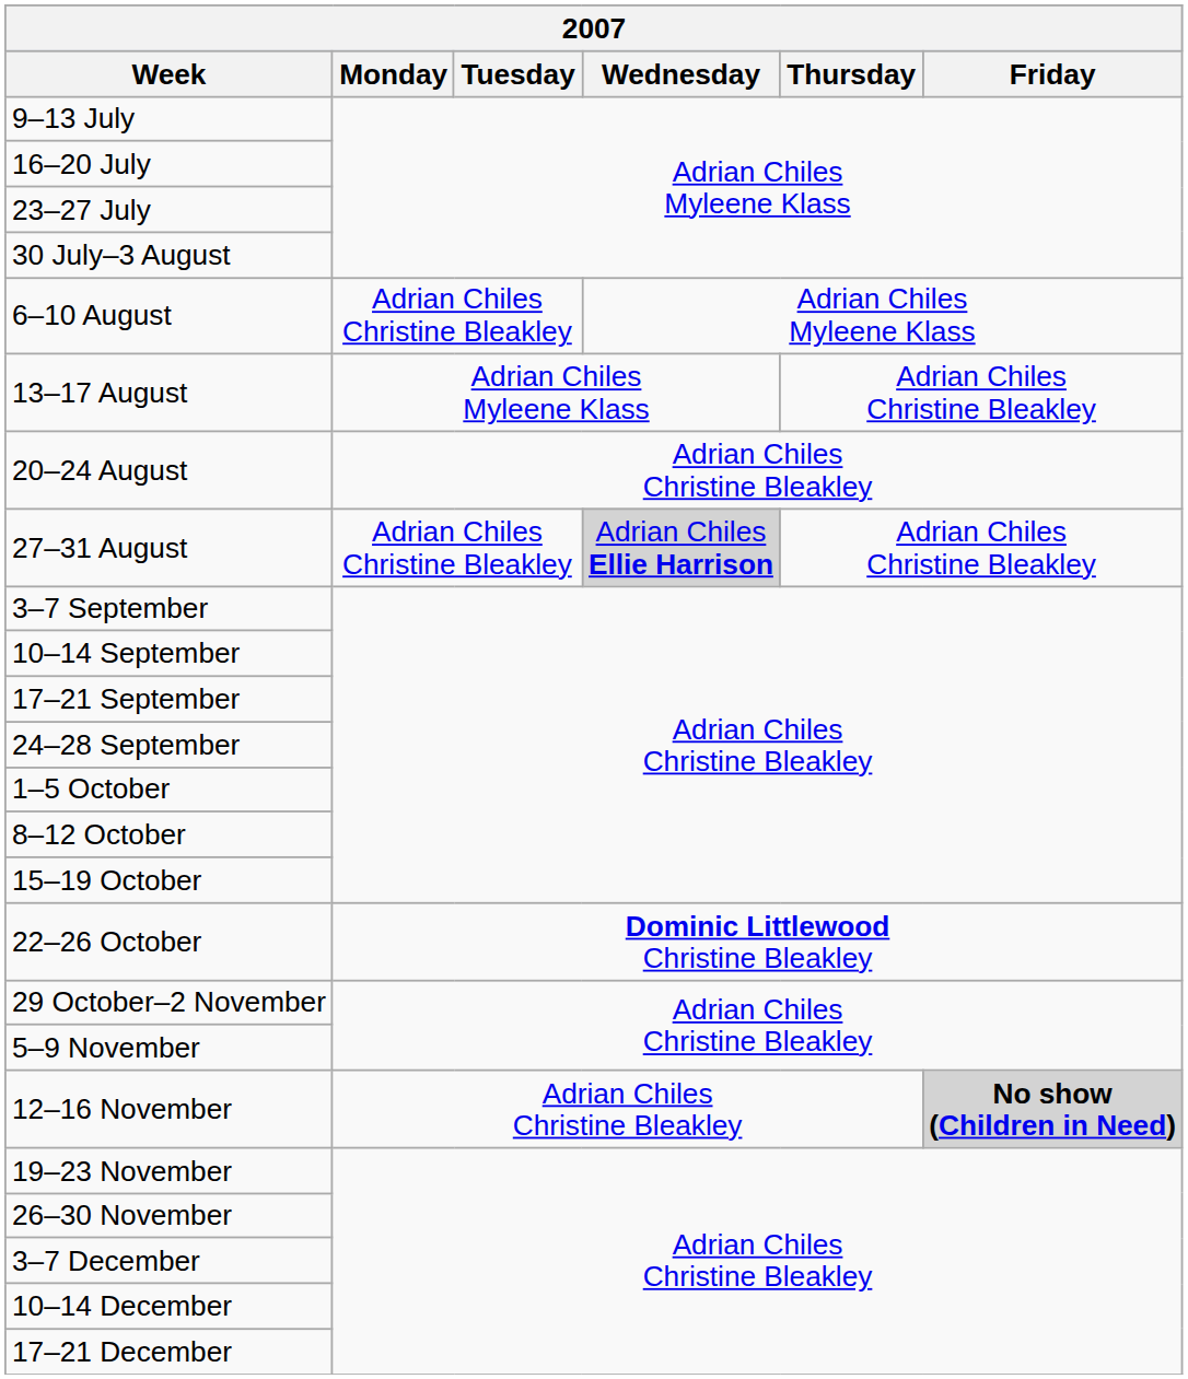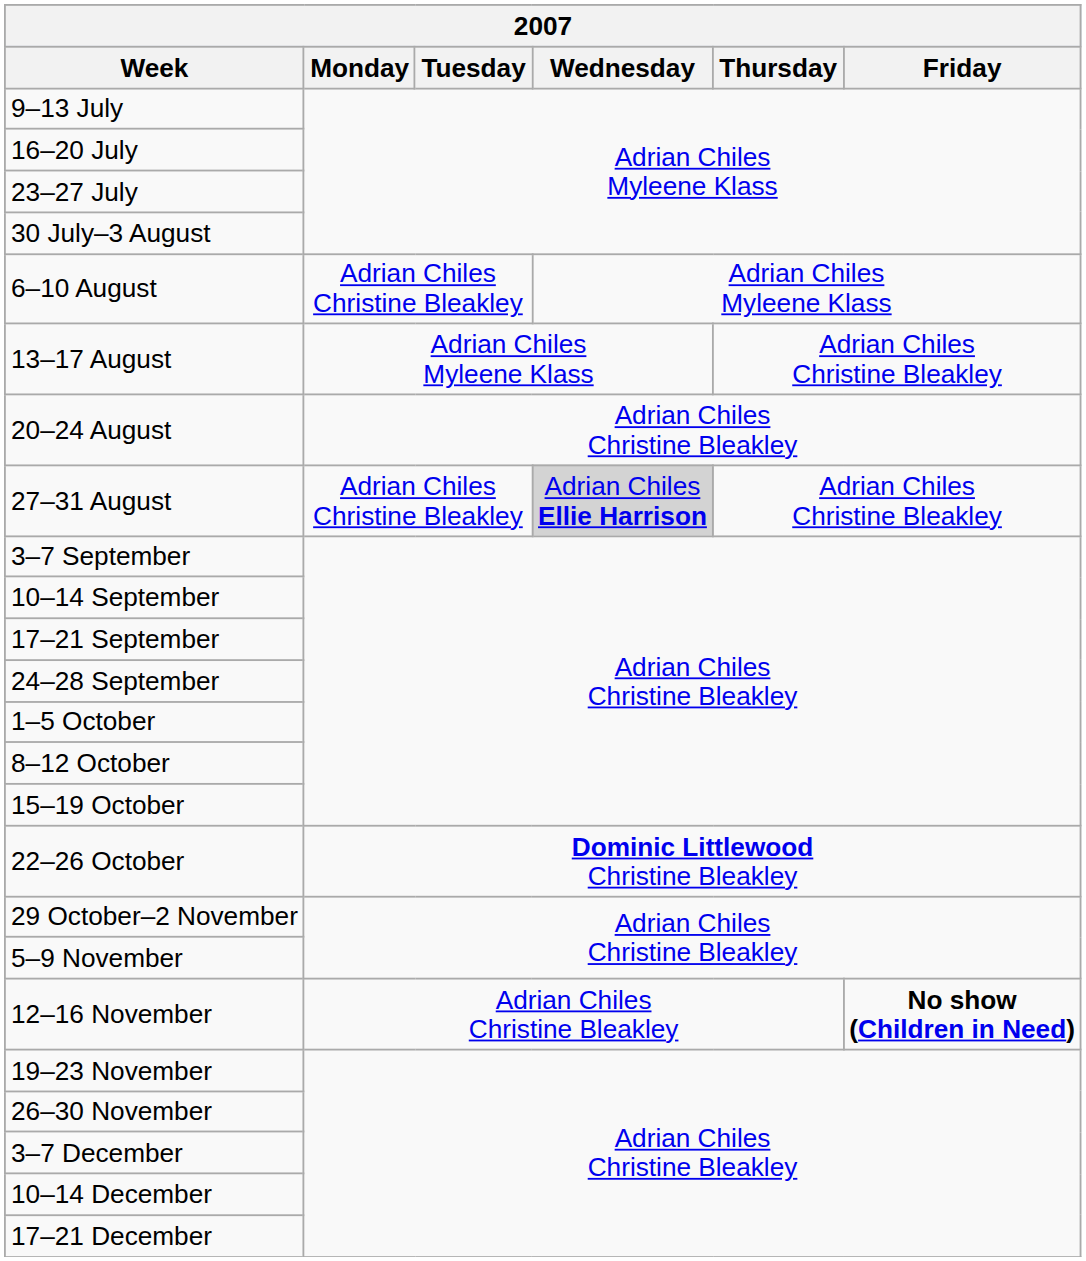 <table class="wikitable mw-collapsible" style="border:1px #aaa solid; font-size:90%;">
 <tr style="text-align:center; background:#b0c4de;">
 <th colspan=6>2007</th>
 </tr>
 <tr>
 <th>Week</th>
 <th>Monday</th>
 <th>Tuesday</th>
 <th>Wednesday</th>
 <th>Thursday</th>
 <th>Friday</th>
 </tr>
 <tr>
 <td>9–13 July</td>
 <td rowspan="4" colspan="5" style="text-align:center;"><a href='#'>Adrian Chiles</a> <br><a href='#'>Myleene Klass</a></td>
 </tr>
 <tr>
 <td>16–20 July</td>
 </tr>
 <tr>
 <td>23–27 July</td>
 </tr>
 <tr>
 <td>30 July–3 August</td>
 </tr>
 <tr>
 <td>6–10 August</td>
 <td colspan="2" style="text-align:center;"><a href='#'>Adrian Chiles</a> <br><a href='#'>Christine Bleakley</a></td>
 <td colspan="3" style="text-align:center;"><a href='#'>Adrian Chiles</a> <br><a href='#'>Myleene Klass</a></td>
 </tr>
 <tr>
 <td>13–17 August</td>
 <td colspan="3" style="text-align:center;"><a href='#'>Adrian Chiles</a> <br><a href='#'>Myleene Klass</a></td>
 <td colspan="2" style="text-align:center;"><a href='#'>Adrian Chiles</a> <br><a href='#'>Christine Bleakley</a></td>
 </tr>
 <tr>
 <td>20–24 August</td>
 <td colspan="5" style="text-align:center;"><a href='#'>Adrian Chiles</a> <br><a href='#'>Christine Bleakley</a></td>
 </tr>
 <tr>
 <td>27–31 August</td>
 <td colspan="2" style="text-align:center;"><a href='#'>Adrian Chiles</a> <br><a href='#'>Christine Bleakley</a></td>
 <td style="background: lightgrey; text-align:center;"><a href='#'>Adrian Chiles</a> <br><strong><a href='#'>Ellie Harrison</a></strong></td>
 <td colspan="2" style="text-align:center;"><a href='#'>Adrian Chiles</a> <br><a href='#'>Christine Bleakley</a></td>
 </tr>
 <tr>
 <td>3–7 September</td>
 <td rowspan="7" colspan="5" style="text-align:center;"><a href='#'>Adrian Chiles</a> <br><a href='#'>Christine Bleakley</a></td>
 </tr>
 <tr>
 <td>10–14 September</td>
 </tr>
 <tr>
 <td>17–21 September</td>
 </tr>
 <tr>
 <td>24–28 September</td>
 </tr>
 <tr>
 <td>1–5 October</td>
 </tr>
 <tr>
 <td>8–12 October</td>
 </tr>
 <tr>
 <td>15–19 October</td>
 </tr>
 <tr>
 <td>22–26 October</td>
 <td colspan="5" style="text-align:center;"><strong><a href='#'>Dominic Littlewood</a></strong> <br><a href='#'>Christine Bleakley</a></td>
 </tr>
 <tr>
 <td>29 October–2 November</td>
 <td rowspan="2" colspan="5" style="text-align:center;"><a href='#'>Adrian Chiles</a> <br><a href='#'>Christine Bleakley</a></td>
 </tr>
 <tr>
 <td>5–9 November</td>
 </tr>
 <tr>
 <td>12–16 November</td>
 <td colspan="4" style="text-align:center;"><a href='#'>Adrian Chiles</a> <br><a href='#'>Christine Bleakley</a></td>
-<td style="background: lightgrey; text-align:center;"><strong>No show<br>(<a href='#'>Children in Need</a>)</strong></td>
+<td style="text-align:center;"><strong>No show<br>(<a href='#'>Children in Need</a>)</strong></td>
 </tr>
 <tr>
 <td>19–23 November</td>
 <td rowspan="5" colspan="5" style="text-align:center;"><a href='#'>Adrian Chiles</a> <br><a href='#'>Christine Bleakley</a></td>
 </tr>
 <tr>
 <td>26–30 November</td>
 </tr>
 <tr>
 <td>3–7 December</td>
 </tr>
 <tr>
 <td>10–14 December</td>
 </tr>
 <tr>
 <td>17–21 December</td>
 </tr>
 </table>
